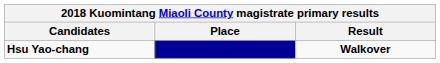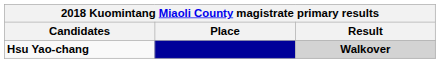 <table class="wikitable collapsible">
 <tr>
 <th colspan="5" width=600>2018 Kuomintang <a href='#'>Miaoli County</a> magistrate primary results</th>
 </tr>
 <tr>
 <th width=80>Candidates</th>
 <th width=80>Place</th>
 <th width=80>Result</th>
 </tr>
 <tr>
 <td><strong>Hsu Yao-chang</strong></td>
 <td style="background: #000099; text-align:center"><strong></strong></td>
-<td style="text-align:center"><strong>Walkover</strong></td>
+<td style="background: lightgrey; text-align:center"><strong>Walkover</strong></td>
 </tr>
 </table>
